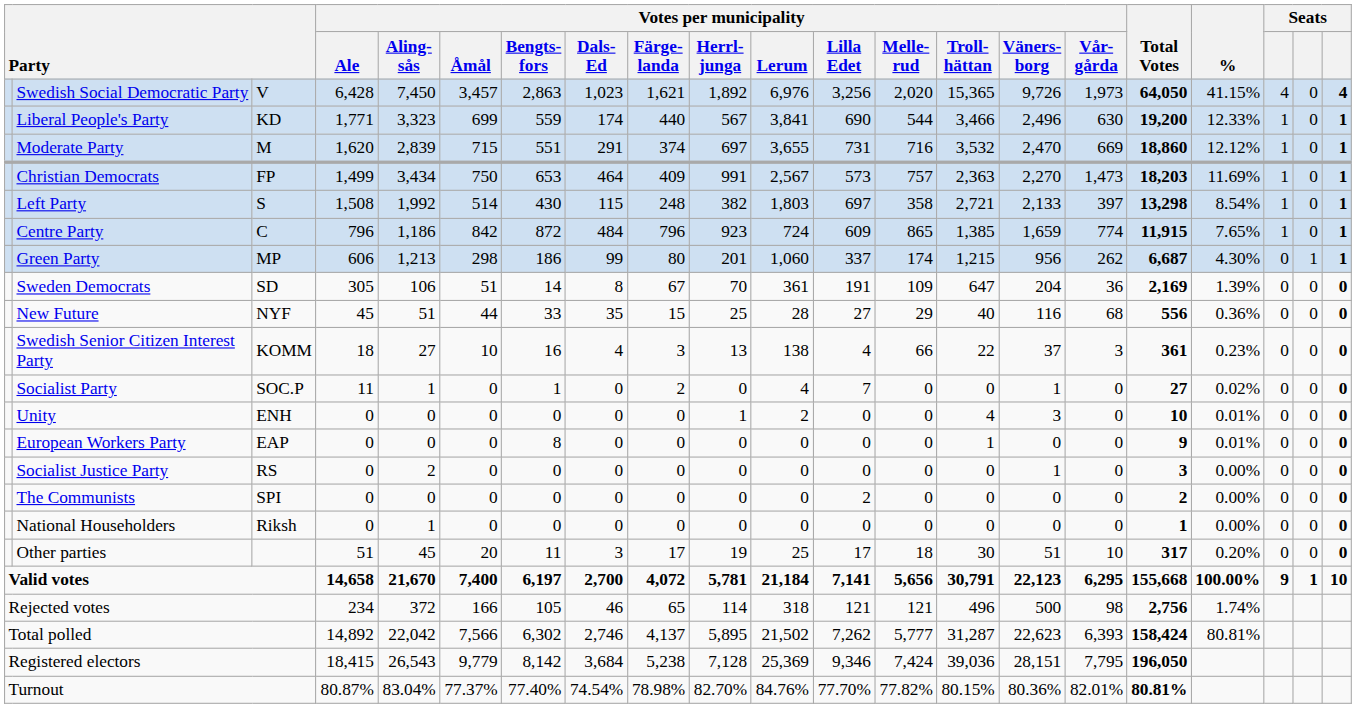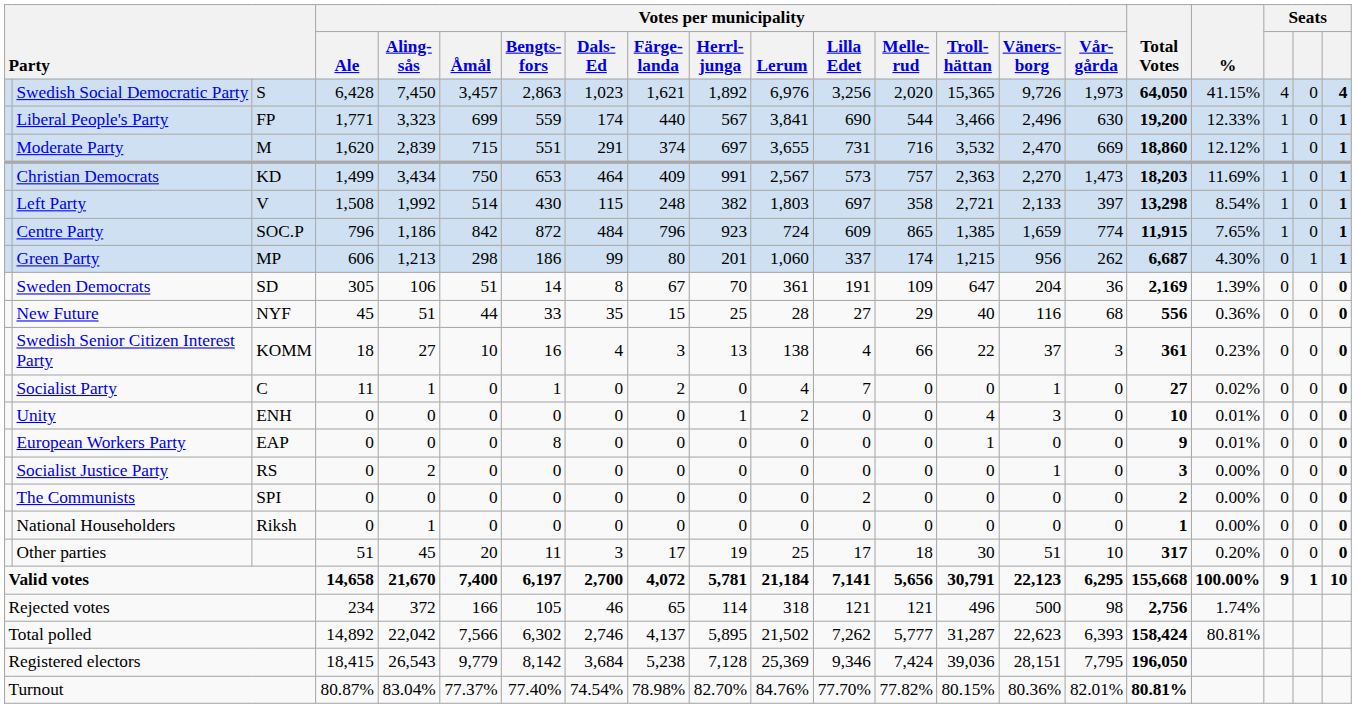 <table class="wikitable" border="1" style="text-align:right;">
 <tr>
 <th style="text-align:left;" valign=bottom rowspan=2 colspan=3>Party</th>
 <th colspan=13>Votes per municipality</th>
 <th align=center valign=bottom rowspan=2 width="50">Total Votes</th>
 <th align=center valign=bottom rowspan=2 width="50">%</th>
 <th colspan=3>Seats</th>
 </tr>
 <tr>
 <th align=center valign=bottom width="50"><a href='#'>Ale</a></th>
 <th align=center valign=bottom width="50"><a href='#'>Aling- sås</a></th>
 <th align=center valign=bottom width="50"><a href='#'>Åmål</a></th>
 <th align=center valign=bottom width="50"><a href='#'>Bengts- fors</a></th>
 <th align=center valign=bottom width="50"><a href='#'>Dals- Ed</a></th>
 <th align=center valign=bottom width="50"><a href='#'>Färge- landa</a></th>
 <th align=center valign=bottom width="50"><a href='#'>Herrl- junga</a></th>
 <th align=center valign=bottom width="50"><a href='#'>Lerum</a></th>
 <th align=center valign=bottom width="50"><a href='#'>Lilla Edet</a></th>
 <th align=center valign=bottom width="50"><a href='#'>Melle- rud</a></th>
 <th align=center valign=bottom width="50"><a href='#'>Troll- hättan</a></th>
 <th align=center valign=bottom width="50"><a href='#'>Väners- borg</a></th>
 <th align=center valign=bottom width="50"><a href='#'>Vår- gårda</a></th>
 <th align=center valign=bottom width="20"><small></small></th>
 <th align=center valign=bottom width="20"><small><a href='#'></a></small></th>
 <th align=center valign=bottom width="20"><small></small></th>
 </tr>
 <tr style="background:#CEE0F2;">
 <td></td>
 <td align=left style="white-space: nowrap;"><a href='#'>Swedish Social Democratic Party</a></td>
-<td align=left>V</td>
+<td align=left>S</td>
 <td>6,428</td>
 <td>7,450</td>
 <td>3,457</td>
 <td>2,863</td>
 <td>1,023</td>
 <td>1,621</td>
 <td>1,892</td>
 <td>6,976</td>
 <td>3,256</td>
 <td>2,020</td>
 <td>15,365</td>
 <td>9,726</td>
 <td>1,973</td>
 <td><strong>64,050</strong></td>
 <td>41.15%</td>
 <td>4</td>
 <td>0</td>
 <td><strong>4</strong></td>
 </tr>
 <tr style="background:#CEE0F2;">
 <td></td>
 <td align=left><a href='#'>Liberal People's Party</a></td>
-<td align=left>KD</td>
+<td align=left>FP</td>
 <td>1,771</td>
 <td>3,323</td>
 <td>699</td>
 <td>559</td>
 <td>174</td>
 <td>440</td>
 <td>567</td>
 <td>3,841</td>
 <td>690</td>
 <td>544</td>
 <td>3,466</td>
 <td>2,496</td>
 <td>630</td>
 <td><strong>19,200</strong></td>
 <td>12.33%</td>
 <td>1</td>
 <td>0</td>
 <td><strong>1</strong></td>
 </tr>
 <tr style="background:#CEE0F2;">
 <td></td>
 <td align=left><a href='#'>Moderate Party</a></td>
 <td align=left>M</td>
 <td>1,620</td>
 <td>2,839</td>
 <td>715</td>
 <td>551</td>
 <td>291</td>
 <td>374</td>
 <td>697</td>
 <td>3,655</td>
 <td>731</td>
 <td>716</td>
 <td>3,532</td>
 <td>2,470</td>
 <td>669</td>
 <td><strong>18,860</strong></td>
 <td>12.12%</td>
 <td>1</td>
 <td>0</td>
 <td><strong>1</strong></td>
 </tr>
 <tr style="background:#CEE0F2; border-top:3px solid darkgray;">
 <td></td>
 <td align=left><a href='#'>Christian Democrats</a></td>
-<td align=left>FP</td>
+<td align=left>KD</td>
 <td>1,499</td>
 <td>3,434</td>
 <td>750</td>
 <td>653</td>
 <td>464</td>
 <td>409</td>
 <td>991</td>
 <td>2,567</td>
 <td>573</td>
 <td>757</td>
 <td>2,363</td>
 <td>2,270</td>
 <td>1,473</td>
 <td><strong>18,203</strong></td>
 <td>11.69%</td>
 <td>1</td>
 <td>0</td>
 <td><strong>1</strong></td>
 </tr>
 <tr style="background:#CEE0F2;">
 <td></td>
 <td align=left><a href='#'>Left Party</a></td>
-<td align=left>S</td>
+<td align=left>V</td>
 <td>1,508</td>
 <td>1,992</td>
 <td>514</td>
 <td>430</td>
 <td>115</td>
 <td>248</td>
 <td>382</td>
 <td>1,803</td>
 <td>697</td>
 <td>358</td>
 <td>2,721</td>
 <td>2,133</td>
 <td>397</td>
 <td><strong>13,298</strong></td>
 <td>8.54%</td>
 <td>1</td>
 <td>0</td>
 <td><strong>1</strong></td>
 </tr>
 <tr style="background:#CEE0F2;">
 <td></td>
 <td align=left><a href='#'>Centre Party</a></td>
-<td align=left>C</td>
+<td align=left>SOC.P</td>
 <td>796</td>
 <td>1,186</td>
 <td>842</td>
 <td>872</td>
 <td>484</td>
 <td>796</td>
 <td>923</td>
 <td>724</td>
 <td>609</td>
 <td>865</td>
 <td>1,385</td>
 <td>1,659</td>
 <td>774</td>
 <td><strong>11,915</strong></td>
 <td>7.65%</td>
 <td>1</td>
 <td>0</td>
 <td><strong>1</strong></td>
 </tr>
 <tr style="background:#CEE0F2;">
 <td></td>
 <td align=left><a href='#'>Green Party</a></td>
 <td align=left>MP</td>
 <td>606</td>
 <td>1,213</td>
 <td>298</td>
 <td>186</td>
 <td>99</td>
 <td>80</td>
 <td>201</td>
 <td>1,060</td>
 <td>337</td>
 <td>174</td>
 <td>1,215</td>
 <td>956</td>
 <td>262</td>
 <td><strong>6,687</strong></td>
 <td>4.30%</td>
 <td>0</td>
 <td>1</td>
 <td><strong>1</strong></td>
 </tr>
 <tr>
 <td></td>
 <td align=left><a href='#'>Sweden Democrats</a></td>
 <td align=left>SD</td>
 <td>305</td>
 <td>106</td>
 <td>51</td>
 <td>14</td>
 <td>8</td>
 <td>67</td>
 <td>70</td>
 <td>361</td>
 <td>191</td>
 <td>109</td>
 <td>647</td>
 <td>204</td>
 <td>36</td>
 <td><strong>2,169</strong></td>
 <td>1.39%</td>
 <td>0</td>
 <td>0</td>
 <td><strong>0</strong></td>
 </tr>
 <tr>
 <td></td>
 <td align=left><a href='#'>New Future</a></td>
 <td align=left>NYF</td>
 <td>45</td>
 <td>51</td>
 <td>44</td>
 <td>33</td>
 <td>35</td>
 <td>15</td>
 <td>25</td>
 <td>28</td>
 <td>27</td>
 <td>29</td>
 <td>40</td>
 <td>116</td>
 <td>68</td>
 <td><strong>556</strong></td>
 <td>0.36%</td>
 <td>0</td>
 <td>0</td>
 <td><strong>0</strong></td>
 </tr>
 <tr>
 <td></td>
 <td align=left><a href='#'>Swedish Senior Citizen Interest Party</a></td>
 <td align=left>KOMM</td>
 <td>18</td>
 <td>27</td>
 <td>10</td>
 <td>16</td>
 <td>4</td>
 <td>3</td>
 <td>13</td>
 <td>138</td>
 <td>4</td>
 <td>66</td>
 <td>22</td>
 <td>37</td>
 <td>3</td>
 <td><strong>361</strong></td>
 <td>0.23%</td>
 <td>0</td>
 <td>0</td>
 <td><strong>0</strong></td>
 </tr>
 <tr>
 <td></td>
 <td align=left><a href='#'>Socialist Party</a></td>
-<td align=left>SOC.P</td>
+<td align=left>C</td>
 <td>11</td>
 <td>1</td>
 <td>0</td>
 <td>1</td>
 <td>0</td>
 <td>2</td>
 <td>0</td>
 <td>4</td>
 <td>7</td>
 <td>0</td>
 <td>0</td>
 <td>1</td>
 <td>0</td>
 <td><strong>27</strong></td>
 <td>0.02%</td>
 <td>0</td>
 <td>0</td>
 <td><strong>0</strong></td>
 </tr>
 <tr>
 <td></td>
 <td align=left><a href='#'>Unity</a></td>
 <td align=left>ENH</td>
 <td>0</td>
 <td>0</td>
 <td>0</td>
 <td>0</td>
 <td>0</td>
 <td>0</td>
 <td>1</td>
 <td>2</td>
 <td>0</td>
 <td>0</td>
 <td>4</td>
 <td>3</td>
 <td>0</td>
 <td><strong>10</strong></td>
 <td>0.01%</td>
 <td>0</td>
 <td>0</td>
 <td><strong>0</strong></td>
 </tr>
 <tr>
 <td></td>
 <td align=left><a href='#'>European Workers Party</a></td>
 <td align=left>EAP</td>
 <td>0</td>
 <td>0</td>
 <td>0</td>
 <td>8</td>
 <td>0</td>
 <td>0</td>
 <td>0</td>
 <td>0</td>
 <td>0</td>
 <td>0</td>
 <td>1</td>
 <td>0</td>
 <td>0</td>
 <td><strong>9</strong></td>
 <td>0.01%</td>
 <td>0</td>
 <td>0</td>
 <td><strong>0</strong></td>
 </tr>
 <tr>
 <td></td>
 <td align=left><a href='#'>Socialist Justice Party</a></td>
 <td align=left>RS</td>
 <td>0</td>
 <td>2</td>
 <td>0</td>
 <td>0</td>
 <td>0</td>
 <td>0</td>
 <td>0</td>
 <td>0</td>
 <td>0</td>
 <td>0</td>
 <td>0</td>
 <td>1</td>
 <td>0</td>
 <td><strong>3</strong></td>
 <td>0.00%</td>
 <td>0</td>
 <td>0</td>
 <td><strong>0</strong></td>
 </tr>
 <tr>
 <td></td>
 <td align=left><a href='#'>The Communists</a></td>
 <td align=left>SPI</td>
 <td>0</td>
 <td>0</td>
 <td>0</td>
 <td>0</td>
 <td>0</td>
 <td>0</td>
 <td>0</td>
 <td>0</td>
 <td>2</td>
 <td>0</td>
 <td>0</td>
 <td>0</td>
 <td>0</td>
 <td><strong>2</strong></td>
 <td>0.00%</td>
 <td>0</td>
 <td>0</td>
 <td><strong>0</strong></td>
 </tr>
 <tr>
 <td></td>
 <td align=left>National Householders</td>
 <td align=left>Riksh</td>
 <td>0</td>
 <td>1</td>
 <td>0</td>
 <td>0</td>
 <td>0</td>
 <td>0</td>
 <td>0</td>
 <td>0</td>
 <td>0</td>
 <td>0</td>
 <td>0</td>
 <td>0</td>
 <td>0</td>
 <td><strong>1</strong></td>
 <td>0.00%</td>
 <td>0</td>
 <td>0</td>
 <td><strong>0</strong></td>
 </tr>
 <tr>
 <td></td>
 <td align=left>Other parties</td>
 <td></td>
 <td>51</td>
 <td>45</td>
 <td>20</td>
 <td>11</td>
 <td>3</td>
 <td>17</td>
 <td>19</td>
 <td>25</td>
 <td>17</td>
 <td>18</td>
 <td>30</td>
 <td>51</td>
 <td>10</td>
 <td><strong>317</strong></td>
 <td>0.20%</td>
 <td>0</td>
 <td>0</td>
 <td><strong>0</strong></td>
 </tr>
 <tr style="font-weight:bold">
 <td align=left colspan=3>Valid votes</td>
 <td>14,658</td>
 <td>21,670</td>
 <td>7,400</td>
 <td>6,197</td>
 <td>2,700</td>
 <td>4,072</td>
 <td>5,781</td>
 <td>21,184</td>
 <td>7,141</td>
 <td>5,656</td>
 <td>30,791</td>
 <td>22,123</td>
 <td>6,295</td>
 <td>155,668</td>
 <td>100.00%</td>
 <td>9</td>
 <td>1</td>
 <td>10</td>
 </tr>
 <tr>
 <td align=left colspan=3>Rejected votes</td>
 <td>234</td>
 <td>372</td>
 <td>166</td>
 <td>105</td>
 <td>46</td>
 <td>65</td>
 <td>114</td>
 <td>318</td>
 <td>121</td>
 <td>121</td>
 <td>496</td>
 <td>500</td>
 <td>98</td>
 <td><strong>2,756</strong></td>
 <td>1.74%</td>
 <td></td>
 <td></td>
 <td></td>
 </tr>
 <tr>
 <td align=left colspan=3>Total polled</td>
 <td>14,892</td>
 <td>22,042</td>
 <td>7,566</td>
 <td>6,302</td>
 <td>2,746</td>
 <td>4,137</td>
 <td>5,895</td>
 <td>21,502</td>
 <td>7,262</td>
 <td>5,777</td>
 <td>31,287</td>
 <td>22,623</td>
 <td>6,393</td>
 <td><strong>158,424</strong></td>
 <td>80.81%</td>
 <td></td>
 <td></td>
 <td></td>
 </tr>
 <tr>
 <td align=left colspan=3>Registered electors</td>
 <td>18,415</td>
 <td>26,543</td>
 <td>9,779</td>
 <td>8,142</td>
 <td>3,684</td>
 <td>5,238</td>
 <td>7,128</td>
 <td>25,369</td>
 <td>9,346</td>
 <td>7,424</td>
 <td>39,036</td>
 <td>28,151</td>
 <td>7,795</td>
 <td><strong>196,050</strong></td>
 <td></td>
 <td></td>
 <td></td>
 <td></td>
 </tr>
 <tr>
 <td align=left colspan=3>Turnout</td>
 <td>80.87%</td>
 <td>83.04%</td>
 <td>77.37%</td>
 <td>77.40%</td>
 <td>74.54%</td>
 <td>78.98%</td>
 <td>82.70%</td>
 <td>84.76%</td>
 <td>77.70%</td>
 <td>77.82%</td>
 <td>80.15%</td>
 <td>80.36%</td>
 <td>82.01%</td>
 <td><strong>80.81%</strong></td>
 <td></td>
 <td></td>
 <td></td>
 <td></td>
 </tr>
 </table>
